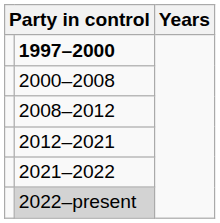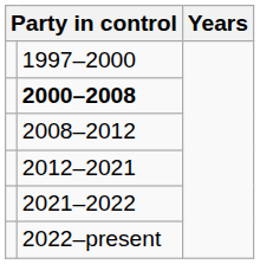 <table class="wikitable">
 <tr>
 <th colspan="2">Party in control</th>
 <th>Years</th>
 </tr>
 <tr>
 <td></td>
-<td><strong>1997–2000</strong></td>
+<td>1997–2000</td>
 </tr>
 <tr>
 <td></td>
-<td>2000–2008</td>
+<td><strong>2000–2008</strong></td>
 </tr>
 <tr>
 <td></td>
 <td>2008–2012</td>
 </tr>
 <tr>
 <td></td>
 <td>2012–2021</td>
 </tr>
 <tr>
 <td></td>
 <td>2021–2022</td>
 </tr>
 <tr>
 <td></td>
-<td style="background: lightgrey;">2022–present</td>
+<td>2022–present</td>
 </tr>
 </table>
